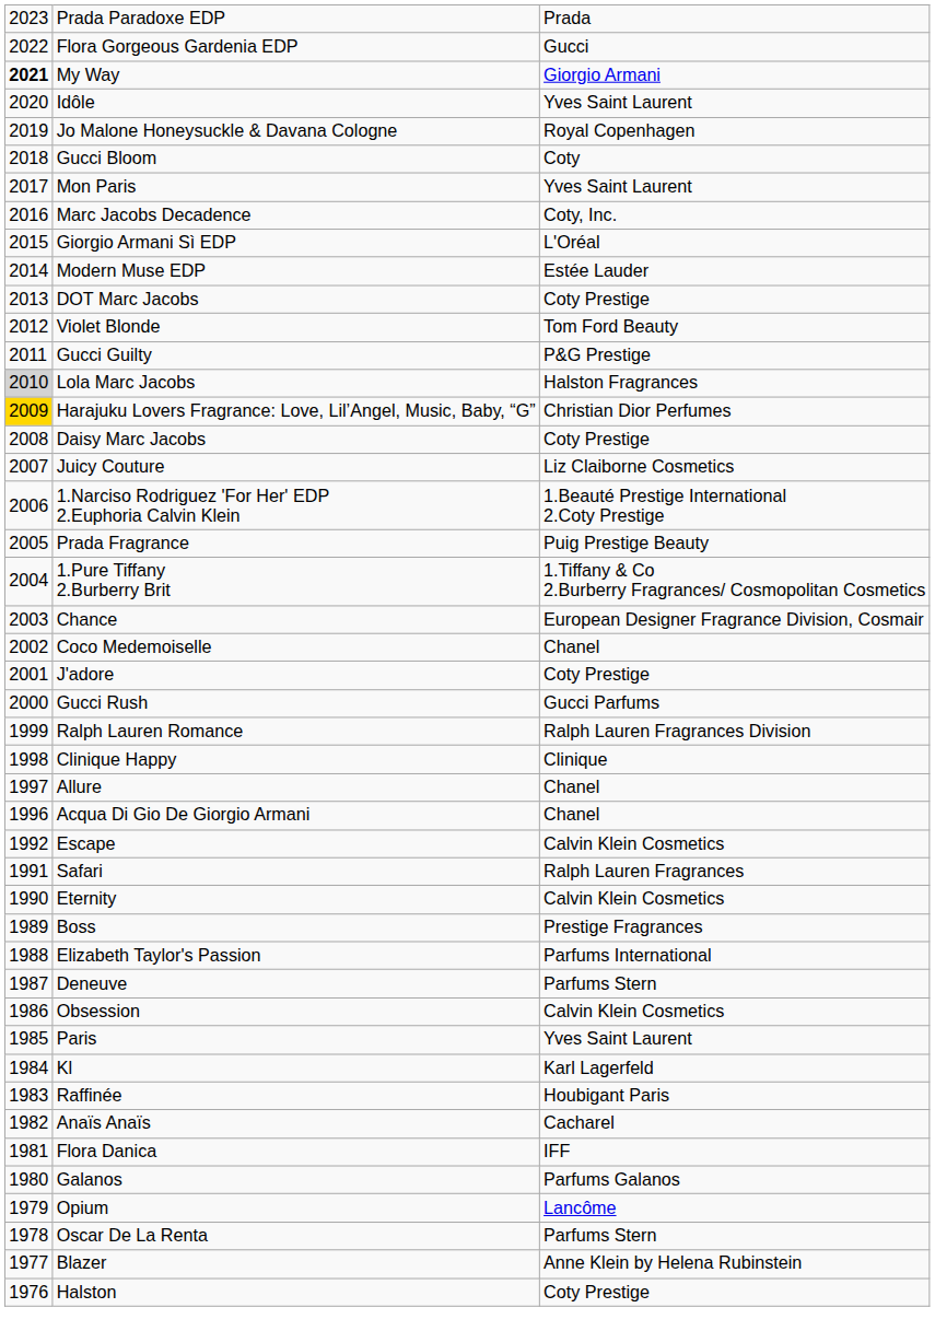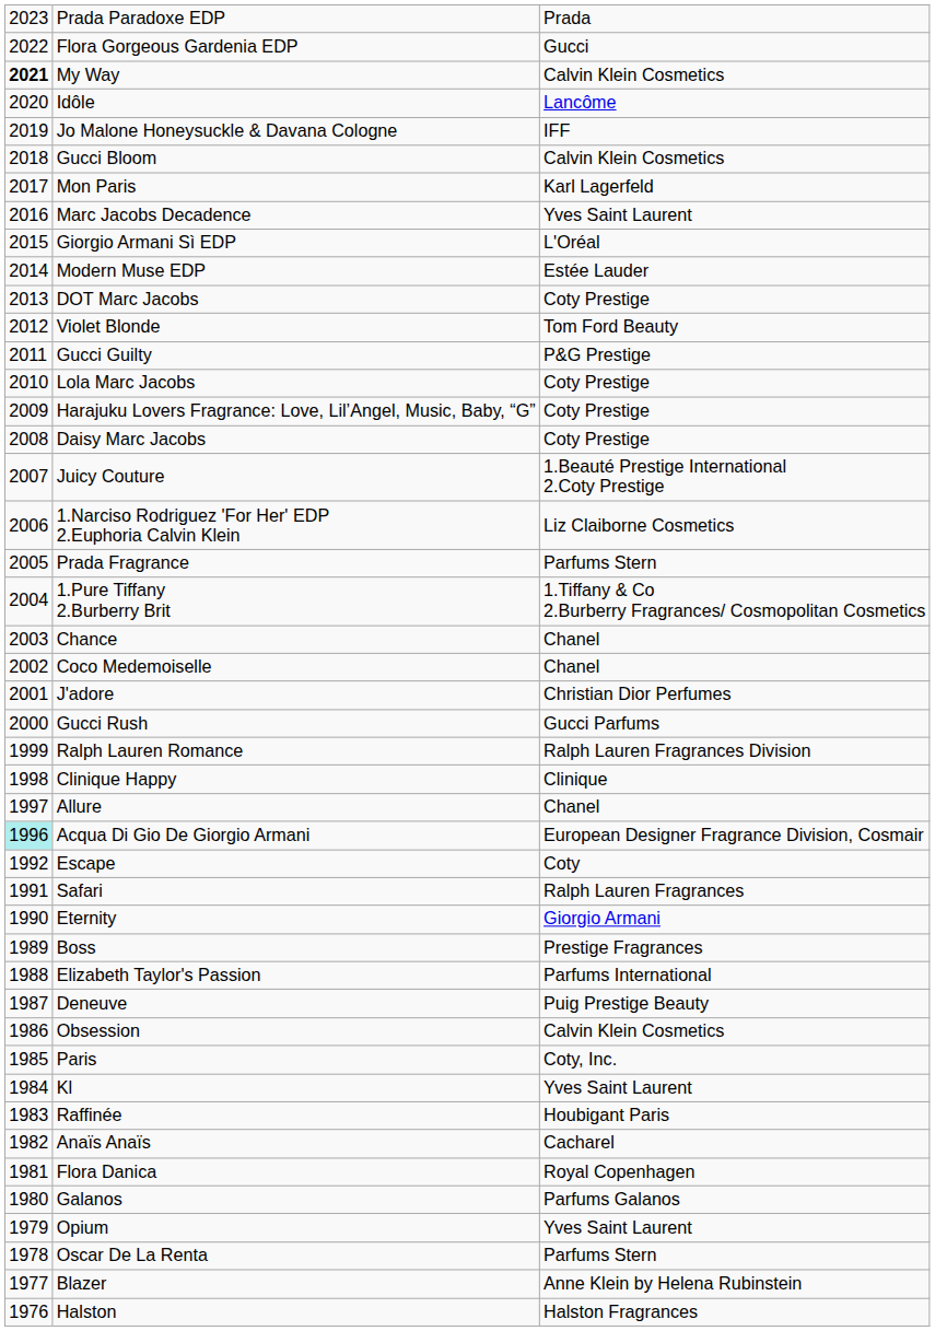 <table class="wikitable sortable">
 <tr>
 <td>2023</td>
 <td>Prada Paradoxe EDP</td>
 <td>Prada</td>
 </tr>
 <tr>
 <td>2022</td>
 <td>Flora Gorgeous Gardenia EDP</td>
 <td>Gucci</td>
 </tr>
 <tr>
 <td><strong>2021</strong></td>
 <td>My Way</td>
-<td><a href='#'>Giorgio Armani</a></td>
+<td>Calvin Klein Cosmetics</td>
 </tr>
 <tr>
 <td>2020</td>
 <td>Idôle</td>
-<td>Yves Saint Laurent</td>
+<td><a href='#'>Lancôme</a></td>
 </tr>
 <tr>
 <td>2019</td>
 <td>Jo Malone Honeysuckle & Davana Cologne</td>
-<td>Royal Copenhagen</td>
+<td>IFF</td>
 </tr>
 <tr>
 <td>2018</td>
 <td>Gucci Bloom</td>
-<td>Coty</td>
+<td>Calvin Klein Cosmetics</td>
 </tr>
 <tr>
 <td>2017</td>
 <td>Mon Paris</td>
-<td>Yves Saint Laurent</td>
+<td>Karl Lagerfeld</td>
 </tr>
 <tr>
 <td>2016</td>
 <td>Marc Jacobs Decadence</td>
-<td>Coty, Inc.</td>
+<td>Yves Saint Laurent</td>
 </tr>
 <tr>
 <td>2015</td>
 <td>Giorgio Armani Sì EDP</td>
 <td>L'Oréal</td>
 </tr>
 <tr>
 <td>2014</td>
 <td>Modern Muse EDP</td>
 <td>Estée Lauder</td>
 </tr>
 <tr>
 <td>2013</td>
 <td>DOT Marc Jacobs</td>
 <td>Coty Prestige</td>
 </tr>
 <tr>
 <td>2012</td>
 <td>Violet Blonde</td>
 <td>Tom Ford Beauty</td>
 </tr>
 <tr>
 <td>2011</td>
 <td>Gucci Guilty</td>
 <td>P&G Prestige</td>
 </tr>
 <tr>
-<td style="background: lightgrey;">2010</td>
+<td>2010</td>
 <td>Lola Marc Jacobs</td>
-<td>Halston Fragrances</td>
+<td>Coty Prestige</td>
 </tr>
 <tr>
-<td style="background: gold;">2009</td>
+<td>2009</td>
 <td>Harajuku Lovers Fragrance: Love, Lil’Angel, Music, Baby, “G”</td>
-<td>Christian Dior Perfumes</td>
+<td>Coty Prestige</td>
 </tr>
 <tr>
 <td>2008</td>
 <td>Daisy Marc Jacobs</td>
 <td>Coty Prestige</td>
 </tr>
 <tr>
 <td>2007</td>
 <td>Juicy Couture</td>
-<td>Liz Claiborne Cosmetics</td>
+<td>1.Beauté Prestige International<br>2.Coty Prestige</td>
 </tr>
 <tr>
 <td>2006</td>
 <td>1.Narciso Rodriguez 'For Her' EDP<br>2.Euphoria Calvin Klein</td>
-<td>1.Beauté Prestige International<br>2.Coty Prestige</td>
+<td>Liz Claiborne Cosmetics</td>
 </tr>
 <tr>
 <td>2005</td>
 <td>Prada Fragrance</td>
-<td>Puig Prestige Beauty</td>
+<td>Parfums Stern</td>
 </tr>
 <tr>
 <td>2004</td>
 <td>1.Pure Tiffany<br>2.Burberry Brit</td>
 <td>1.Tiffany & Co<br>2.Burberry Fragrances/ Cosmopolitan Cosmetics</td>
 </tr>
 <tr>
 <td>2003</td>
 <td>Chance</td>
-<td>European Designer Fragrance Division, Cosmair</td>
+<td>Chanel</td>
 </tr>
 <tr>
 <td>2002</td>
 <td>Coco Medemoiselle</td>
 <td>Chanel</td>
 </tr>
 <tr>
 <td>2001</td>
 <td>J'adore</td>
-<td>Coty Prestige</td>
+<td>Christian Dior Perfumes</td>
 </tr>
 <tr>
 <td>2000</td>
 <td>Gucci Rush</td>
 <td>Gucci Parfums</td>
 </tr>
 <tr>
 <td>1999</td>
 <td>Ralph Lauren Romance</td>
 <td>Ralph Lauren Fragrances Division</td>
 </tr>
 <tr>
 <td>1998</td>
 <td>Clinique Happy</td>
 <td>Clinique</td>
 </tr>
 <tr>
 <td>1997</td>
 <td>Allure</td>
 <td>Chanel</td>
 </tr>
 <tr>
-<td>1996</td>
+<td style="background: paleturquoise;">1996</td>
 <td>Acqua  Di Gio De Giorgio Armani</td>
-<td>Chanel</td>
+<td>European Designer Fragrance Division, Cosmair</td>
 </tr>
 <tr>
 <td>1992</td>
 <td>Escape</td>
-<td>Calvin Klein Cosmetics</td>
+<td>Coty</td>
 </tr>
 <tr>
 <td>1991</td>
 <td>Safari</td>
 <td>Ralph Lauren Fragrances</td>
 </tr>
 <tr>
 <td>1990</td>
 <td>Eternity</td>
-<td>Calvin Klein Cosmetics</td>
+<td><a href='#'>Giorgio Armani</a></td>
 </tr>
 <tr>
 <td>1989</td>
 <td>Boss</td>
 <td>Prestige Fragrances</td>
 </tr>
 <tr>
 <td>1988</td>
 <td>Elizabeth Taylor's Passion</td>
 <td>Parfums International</td>
 </tr>
 <tr>
 <td>1987</td>
 <td>Deneuve</td>
-<td>Parfums Stern</td>
+<td>Puig Prestige Beauty</td>
 </tr>
 <tr>
 <td>1986</td>
 <td>Obsession</td>
 <td>Calvin Klein Cosmetics</td>
 </tr>
 <tr>
 <td>1985</td>
 <td>Paris</td>
-<td>Yves Saint Laurent</td>
+<td>Coty, Inc.</td>
 </tr>
 <tr>
 <td>1984</td>
 <td>Kl</td>
-<td>Karl Lagerfeld</td>
+<td>Yves Saint Laurent</td>
 </tr>
 <tr>
 <td>1983</td>
 <td>Raffinée</td>
 <td>Houbigant Paris</td>
 </tr>
 <tr>
 <td>1982</td>
 <td>Anaïs Anaïs</td>
 <td>Cacharel</td>
 </tr>
 <tr>
 <td>1981</td>
 <td>Flora Danica</td>
-<td>IFF</td>
+<td>Royal Copenhagen</td>
 </tr>
 <tr>
 <td>1980</td>
 <td>Galanos</td>
 <td>Parfums Galanos</td>
 </tr>
 <tr>
 <td>1979</td>
 <td>Opium</td>
-<td><a href='#'>Lancôme</a></td>
+<td>Yves Saint Laurent</td>
 </tr>
 <tr>
 <td>1978</td>
 <td>Oscar De La Renta</td>
 <td>Parfums Stern</td>
 </tr>
 <tr>
 <td>1977</td>
 <td>Blazer</td>
 <td>Anne Klein by Helena Rubinstein</td>
 </tr>
 <tr>
 <td>1976</td>
 <td>Halston</td>
-<td>Coty Prestige</td>
+<td>Halston Fragrances</td>
 </tr>
 </table>
